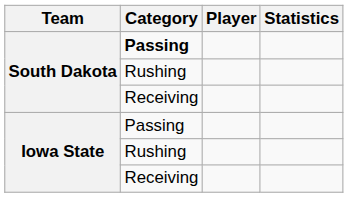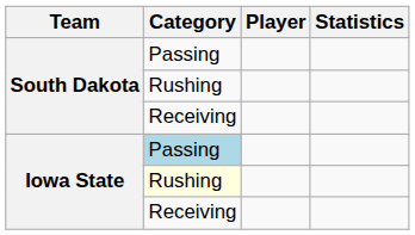 <table class="wikitable" style="float:right">
 <tr>
 <th>Team</th>
 <th>Category</th>
 <th>Player</th>
 <th>Statistics</th>
 </tr>
 <tr>
 <th rowspan=3>South Dakota</th>
-<td><strong>Passing</strong></td>
+<td>Passing</td>
 <td></td>
 <td></td>
 </tr>
 <tr>
 <td>Rushing</td>
 <td></td>
 <td></td>
 </tr>
 <tr>
 <td>Receiving</td>
 <td></td>
 <td></td>
 </tr>
 <tr>
 <th rowspan=3>Iowa State</th>
-<td>Passing</td>
+<td style="background: lightblue;">Passing</td>
 <td></td>
 <td></td>
 </tr>
 <tr>
-<td>Rushing</td>
+<td style="background: lightyellow;">Rushing</td>
 <td></td>
 <td></td>
 </tr>
 <tr>
 <td>Receiving</td>
 <td></td>
 <td></td>
 </tr>
 </table>
